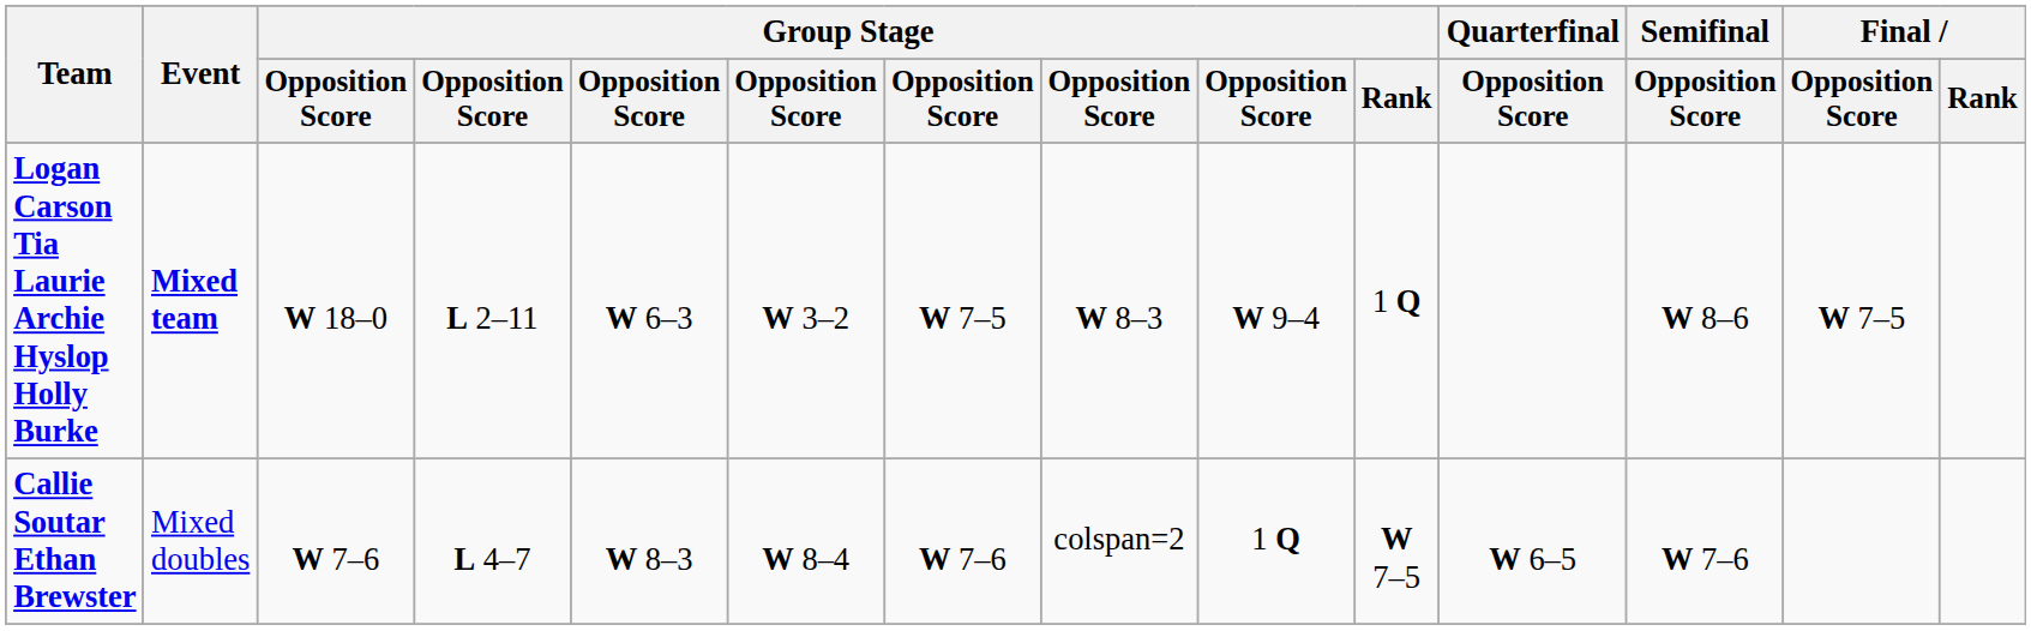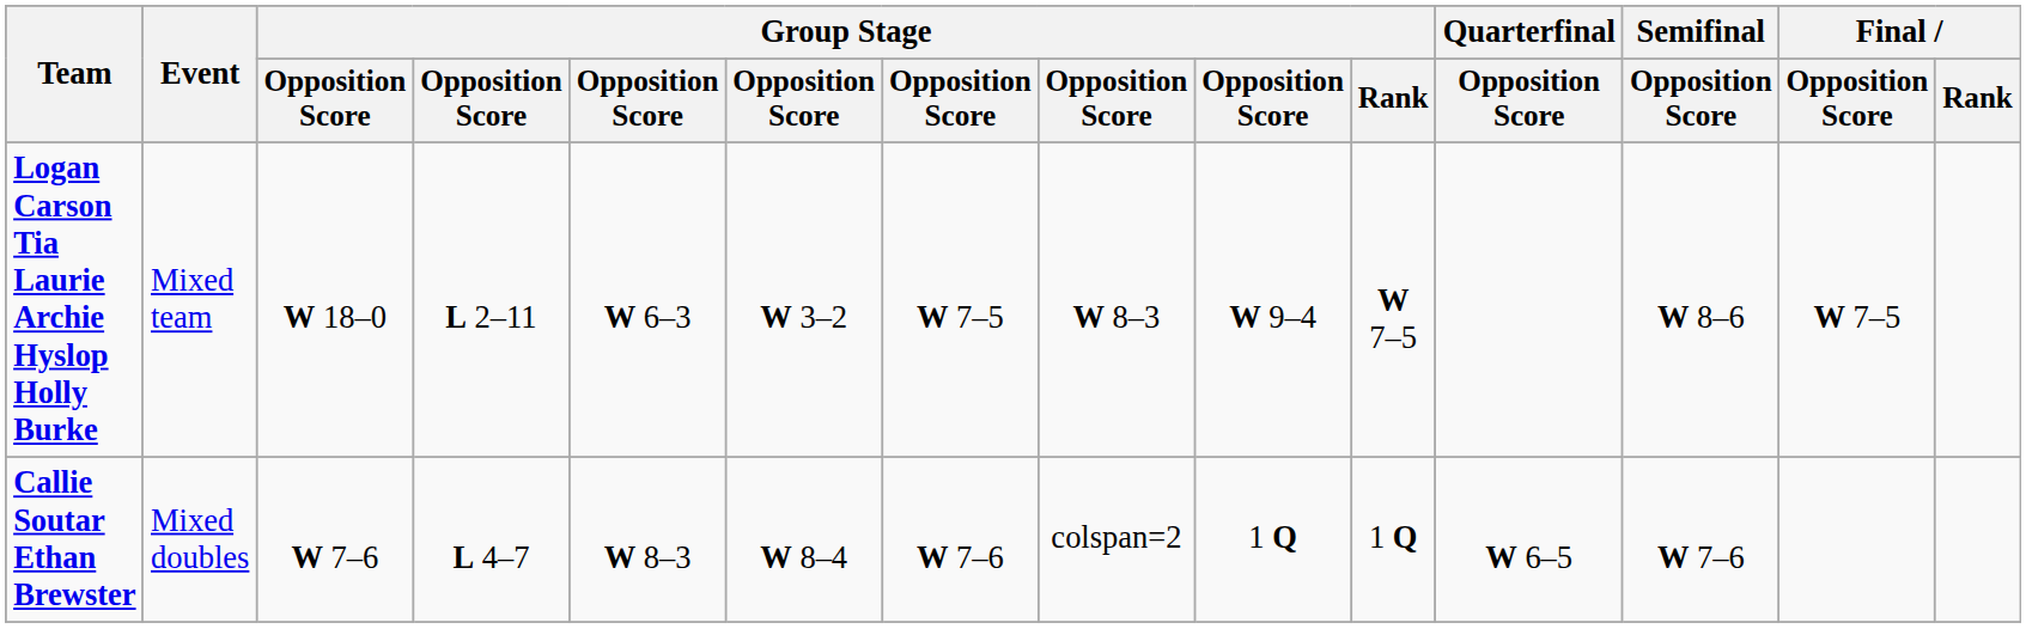 <table class="wikitable" style="font-size:90%">
 <tr>
 <th rowspan=2>Team</th>
 <th rowspan=2>Event</th>
 <th colspan=8>Group Stage</th>
 <th>Quarterfinal</th>
 <th>Semifinal</th>
 <th colspan=2>Final / </th>
 </tr>
 <tr style="font-size:95%">
 <th>Opposition <br> Score</th>
 <th>Opposition <br> Score</th>
 <th>Opposition <br> Score</th>
 <th>Opposition <br> Score</th>
 <th>Opposition <br> Score</th>
 <th>Opposition <br> Score</th>
 <th>Opposition <br> Score</th>
 <th>Rank</th>
 <th>Opposition <br> Score</th>
 <th>Opposition <br> Score</th>
 <th>Opposition <br> Score</th>
 <th>Rank</th>
 </tr>
 <tr align=center>
 <td align=left><strong><a href='#'>Logan Carson</a><br><a href='#'>Tia Laurie</a><br><a href='#'>Archie Hyslop</a><br><a href='#'>Holly Burke</a></strong></td>
-<td align=left><strong><a href='#'>Mixed team</a></strong></td>
+<td align=left><a href='#'>Mixed team</a></td>
 <td><br><strong>W</strong> 18–0</td>
 <td><br><strong>L</strong> 2–11</td>
 <td><br><strong>W</strong> 6–3</td>
 <td><br><strong>W</strong> 3–2</td>
 <td><br><strong>W</strong> 7–5</td>
 <td><br><strong>W</strong> 8–3</td>
 <td><br><strong>W</strong> 9–4</td>
-<td>1 <strong>Q</strong></td>
+<td><br><strong>W</strong> 7–5</td>
 <td></td>
 <td><br><strong>W</strong> 8–6</td>
 <td><br><strong>W</strong> 7–5</td>
 <td></td>
 </tr>
 <tr align=center>
 <td align=left><strong><a href='#'>Callie Soutar</a><br><a href='#'>Ethan Brewster</a></strong></td>
 <td align=left><a href='#'>Mixed doubles</a></td>
 <td><br><strong>W</strong> 7–6</td>
 <td><br><strong>L</strong> 4–7</td>
 <td><br><strong>W</strong> 8–3</td>
 <td><br><strong>W</strong> 8–4</td>
 <td><br><strong>W</strong> 7–6</td>
 <td>colspan=2</td>
 <td>1 <strong>Q</strong></td>
-<td><br><strong>W</strong> 7–5</td>
+<td>1 <strong>Q</strong></td>
 <td><br><strong>W</strong> 6–5</td>
 <td><br><strong>W</strong> 7–6</td>
 <td></td>
 </tr>
 </table>
